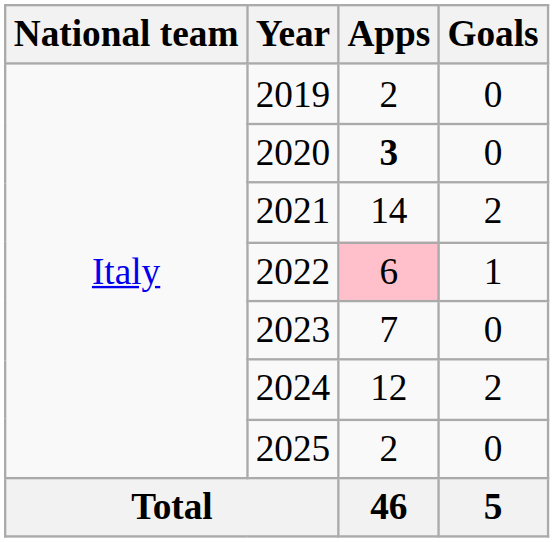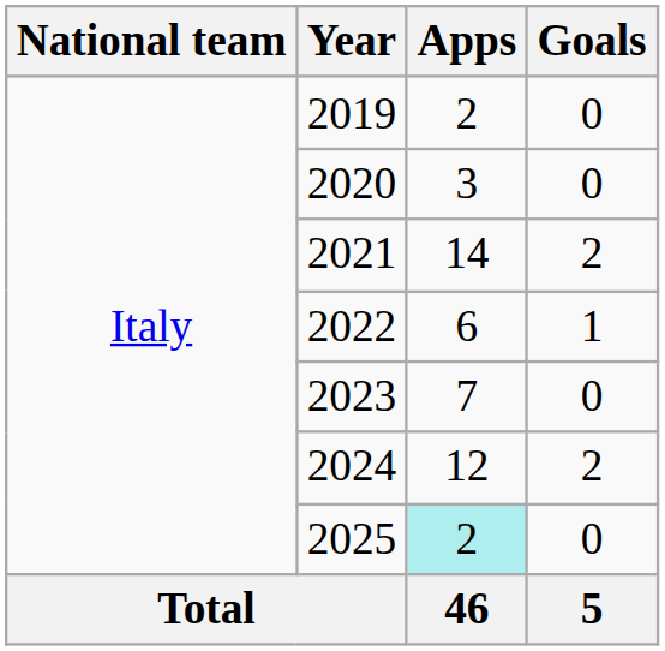 <table class="wikitable" style="text-align:center">
 <tr>
 <th>National team</th>
 <th>Year</th>
 <th>Apps</th>
 <th>Goals</th>
 </tr>
 <tr>
 <td rowspan="7"><a href='#'>Italy</a></td>
 <td>2019</td>
 <td>2</td>
 <td>0</td>
 </tr>
 <tr>
 <td>2020</td>
-<td><strong>3</strong></td>
+<td>3</td>
 <td>0</td>
 </tr>
 <tr>
 <td>2021</td>
 <td>14</td>
 <td>2</td>
 </tr>
 <tr>
 <td>2022</td>
-<td style="background: pink;">6</td>
+<td>6</td>
 <td>1</td>
 </tr>
 <tr>
 <td>2023</td>
 <td>7</td>
 <td>0</td>
 </tr>
 <tr>
 <td>2024</td>
 <td>12</td>
 <td>2</td>
 </tr>
 <tr>
 <td>2025</td>
-<td>2</td>
+<td style="background: paleturquoise;">2</td>
 <td>0</td>
 </tr>
 <tr>
 <th colspan="2">Total</th>
 <th>46</th>
 <th>5</th>
 </tr>
 </table>
